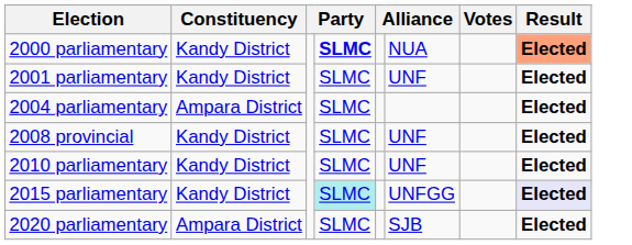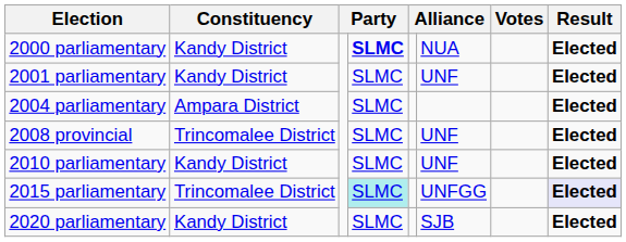 <table class="wikitable" style="text-align:left;">
 <tr>
 <th scope=col>Election</th>
 <th scope=col>Constituency</th>
 <th scope=col colspan="2">Party</th>
 <th scope=col colspan="2">Alliance</th>
 <th scope=col>Votes</th>
 <th scope=col>Result</th>
 </tr>
 <tr>
 <td><a href='#'>2000 parliamentary</a></td>
 <td><a href='#'>Kandy District</a></td>
 <td rowspan="7" style="background:"></td>
 <td><strong><a href='#'>SLMC</a></strong></td>
 <td style="background:"></td>
 <td><a href='#'>NUA</a></td>
 <td align=right></td>
-<td style="background: lightsalmon;"><strong>Elected</strong></td>
+<td><strong>Elected</strong></td>
 </tr>
 <tr>
 <td><a href='#'>2001 parliamentary</a></td>
 <td><a href='#'>Kandy District</a></td>
 <td><a href='#'>SLMC</a></td>
 <td style="background:"></td>
 <td><a href='#'>UNF</a></td>
 <td align=right></td>
 <td><strong>Elected</strong></td>
 </tr>
 <tr>
 <td><a href='#'>2004 parliamentary</a></td>
 <td><a href='#'>Ampara District</a></td>
 <td><a href='#'>SLMC</a></td>
 <td></td>
 <td></td>
 <td align=right></td>
 <td><strong>Elected</strong></td>
 </tr>
 <tr>
 <td><a href='#'>2008 provincial</a></td>
-<td><a href='#'>Kandy District</a></td>
+<td><a href='#'>Trincomalee District</a></td>
 <td><a href='#'>SLMC</a></td>
 <td style="background:"></td>
 <td><a href='#'>UNF</a></td>
 <td></td>
 <td><strong>Elected</strong></td>
 </tr>
 <tr>
 <td><a href='#'>2010 parliamentary</a></td>
 <td><a href='#'>Kandy District</a></td>
 <td><a href='#'>SLMC</a></td>
 <td style="background:"></td>
 <td><a href='#'>UNF</a></td>
 <td align=right></td>
 <td><strong>Elected</strong></td>
 </tr>
 <tr>
 <td><a href='#'>2015 parliamentary</a></td>
-<td><a href='#'>Kandy District</a></td>
+<td><a href='#'>Trincomalee District</a></td>
 <td style="background: paleturquoise;"><a href='#'>SLMC</a></td>
 <td style="background:"></td>
 <td><a href='#'>UNFGG</a></td>
 <td align=right></td>
 <td style="background: lavender;"><strong>Elected</strong></td>
 </tr>
 <tr>
 <td><a href='#'>2020 parliamentary</a></td>
-<td><a href='#'>Ampara District</a></td>
+<td><a href='#'>Kandy District</a></td>
 <td><a href='#'>SLMC</a></td>
 <td style="background:"></td>
 <td><a href='#'>SJB</a></td>
 <td align=right></td>
 <td><strong>Elected</strong></td>
 </tr>
 </table>
